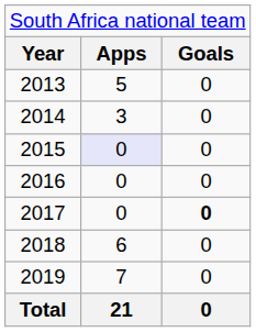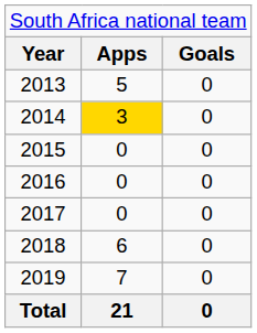 <table class="wikitable" style="text-align:center">
 <tr>
 <td colspan="3"><a href='#'>South Africa national team</a></td>
 </tr>
 <tr>
 <th>Year</th>
 <th>Apps</th>
 <th>Goals</th>
 </tr>
 <tr>
 <td>2013</td>
 <td>5</td>
 <td>0</td>
 </tr>
 <tr>
 <td>2014</td>
-<td>3</td>
+<td style="background: gold;">3</td>
 <td>0</td>
 </tr>
 <tr>
 <td>2015</td>
-<td style="background: lavender;">0</td>
+<td>0</td>
 <td>0</td>
 </tr>
 <tr>
 <td>2016</td>
 <td>0</td>
 <td>0</td>
 </tr>
 <tr>
 <td>2017</td>
 <td>0</td>
-<td><strong>0</strong></td>
+<td>0</td>
 </tr>
 <tr>
 <td>2018</td>
 <td>6</td>
 <td>0</td>
 </tr>
 <tr>
 <td>2019</td>
 <td>7</td>
 <td>0</td>
 </tr>
 <tr>
 <th>Total</th>
 <th>21</th>
 <th>0</th>
 </tr>
 </table>
